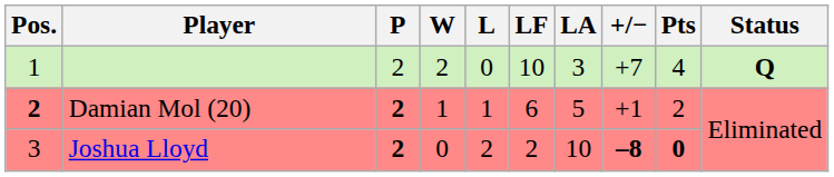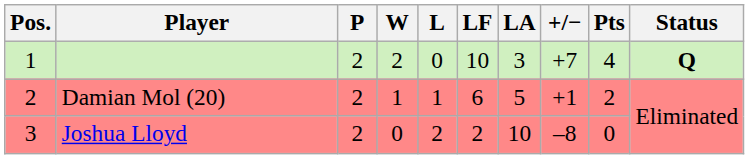 <table class="wikitable" style="text-align:center; margin: 1em auto 1em auto, align:left">
 <tr>
 <th width=20>Pos.</th>
 <th width=185>Player</th>
 <th width=20>P</th>
 <th width=20>W</th>
 <th width=20>L</th>
 <th width=20>LF</th>
 <th width=20>LA</th>
 <th width=25>+/−</th>
 <th width=20>Pts</th>
 <th width=70>Status</th>
 </tr>
 <tr style="background:#D0F0C0;">
 <td>1</td>
 <td align=left></td>
 <td>2</td>
 <td>2</td>
 <td>0</td>
 <td>10</td>
 <td>3</td>
 <td>+7</td>
 <td>4</td>
 <td><strong>Q</strong></td>
 </tr>
 <tr style="background:#FF8888;">
-<td><strong>2</strong></td>
+<td>2</td>
 <td align=left> Damian Mol (20)</td>
-<td><strong>2</strong></td>
+<td>2</td>
 <td>1</td>
 <td>1</td>
 <td>6</td>
 <td>5</td>
 <td>+1</td>
 <td>2</td>
 <td rowspan=2>Eliminated</td>
 </tr>
 <tr style="background:#FF8888;">
 <td>3</td>
 <td align=left> <a href='#'>Joshua Lloyd</a></td>
-<td><strong>2</strong></td>
+<td>2</td>
 <td>0</td>
 <td>2</td>
 <td>2</td>
 <td>10</td>
-<td><strong>–8</strong></td>
-<td><strong>0</strong></td>
+<td>–8</td>
+<td>0</td>
 </tr>
 </table>
